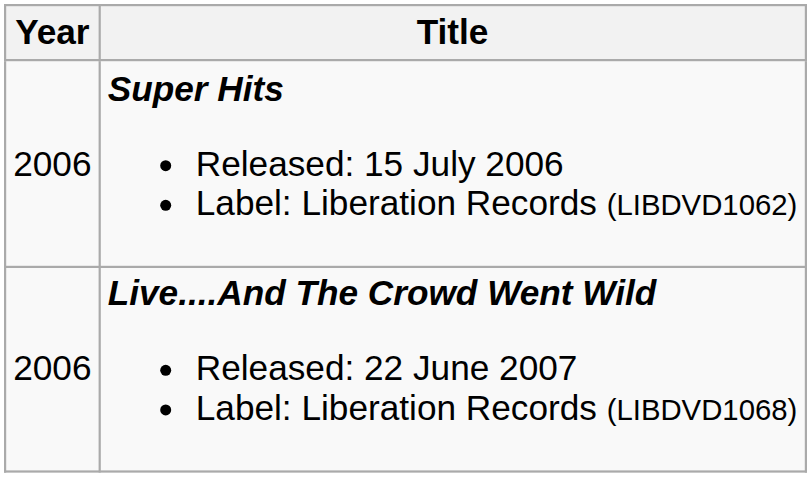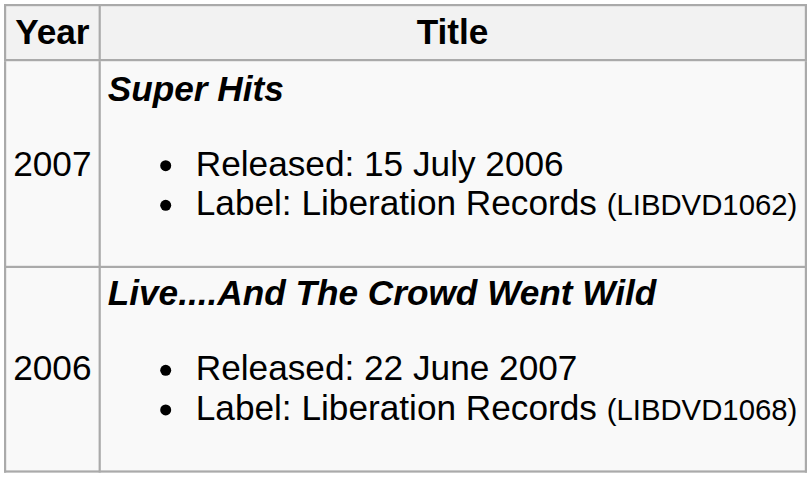 <table class="wikitable">
 <tr>
 <th>Year</th>
 <th>Title</th>
 </tr>
 <tr>
-<td align="center">2006</td>
+<td align="center">2007</td>
 <td><strong><em>Super Hits</em></strong><br><ul><li>Released: 15 July 2006</li><li>Label: Liberation Records <small>(LIBDVD1062)</small></li></ul></td>
 </tr>
 <tr>
 <td align="center">2006</td>
 <td><strong><em>Live....And The Crowd Went Wild</em></strong><br><ul><li>Released: 22 June 2007</li><li>Label: Liberation Records <small>(LIBDVD1068)</small></li></ul></td>
 </tr>
 </table>
